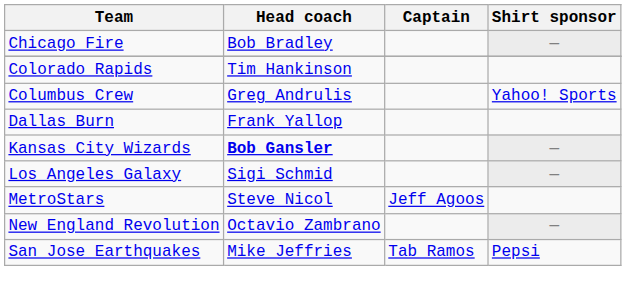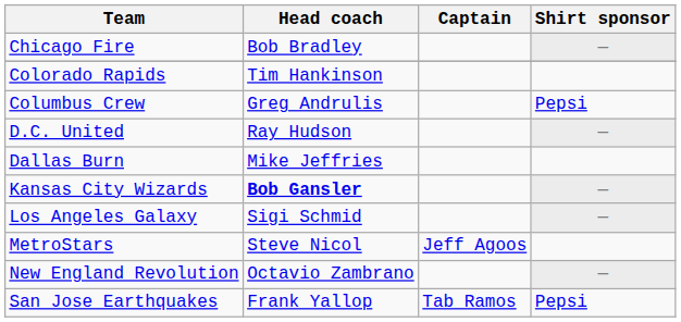 <table class="wikitable sortable" style="text-align: left;">
 <tr>
 <th>Team</th>
 <th>Head coach</th>
 <th>Captain</th>
 <th>Shirt sponsor</th>
 </tr>
 <tr>
 <td><a href='#'>Chicago Fire</a></td>
 <td> <a href='#'>Bob Bradley</a></td>
 <td></td>
 <td align="center" colspan="1" style="background:#ececec; color:gray">—</td>
 </tr>
 <tr>
 </tr>
 <tr>
 <td><a href='#'>Colorado Rapids</a></td>
 <td> <a href='#'>Tim Hankinson</a></td>
 <td></td>
 <td></td>
 </tr>
 <tr>
 <td><a href='#'>Columbus Crew</a></td>
 <td> <a href='#'>Greg Andrulis</a></td>
 <td></td>
-<td><a href='#'>Yahoo! Sports</a></td>
+<td><a href='#'>Pepsi</a></td>
+</tr>
+<tr>
+<td><a href='#'>D.C. United</a></td>
+<td> <a href='#'>Ray Hudson</a></td>
+<td></td>
+<td align="center" colspan="1" style="background:#ececec; color:gray">—</td>
 </tr>
 <tr>
 <td><a href='#'>Dallas Burn</a></td>
-<td> <a href='#'>Frank Yallop</a></td>
+<td> <a href='#'>Mike Jeffries</a></td>
 <td></td>
 <td></td>
 </tr>
 <tr>
 <td><a href='#'>Kansas City Wizards</a></td>
 <td><strong> <a href='#'>Bob Gansler</a></strong></td>
 <td></td>
 <td align="center" colspan="1" style="background:#ececec; color:gray">—</td>
 </tr>
 <tr>
 <td><a href='#'>Los Angeles Galaxy</a></td>
 <td> <a href='#'>Sigi Schmid</a></td>
 <td></td>
 <td align="center" colspan="1" style="background:#ececec; color:gray">—</td>
 </tr>
 <tr>
 <td><a href='#'>MetroStars</a></td>
 <td> <a href='#'>Steve Nicol</a></td>
 <td> <a href='#'>Jeff Agoos</a></td>
 <td></td>
 </tr>
 <tr>
 <td><a href='#'>New England Revolution</a></td>
 <td> <a href='#'>Octavio Zambrano</a></td>
 <td></td>
 <td align="center" colspan="1" style="background:#ececec; color:gray">—</td>
 </tr>
 <tr>
 <td><a href='#'>San Jose Earthquakes</a></td>
-<td> <a href='#'>Mike Jeffries</a></td>
+<td> <a href='#'>Frank Yallop</a></td>
 <td> <a href='#'>Tab Ramos</a></td>
 <td><a href='#'>Pepsi</a></td>
 </tr>
 </table>
